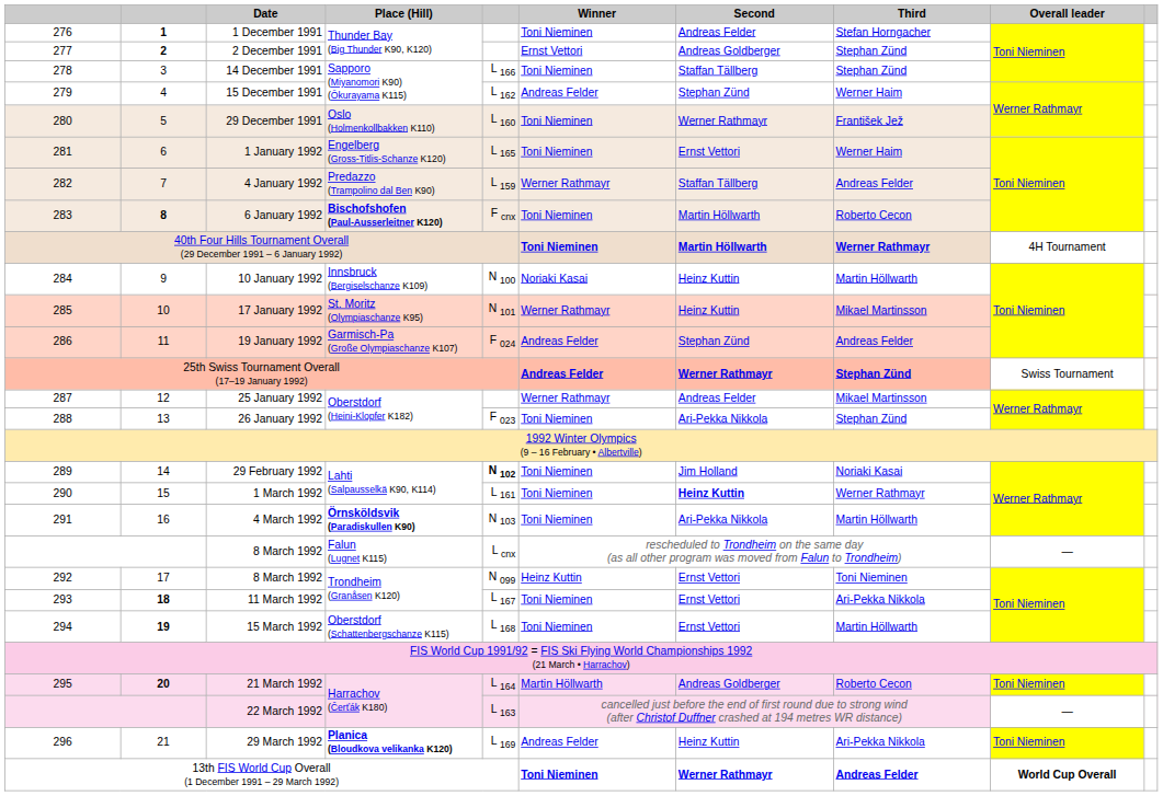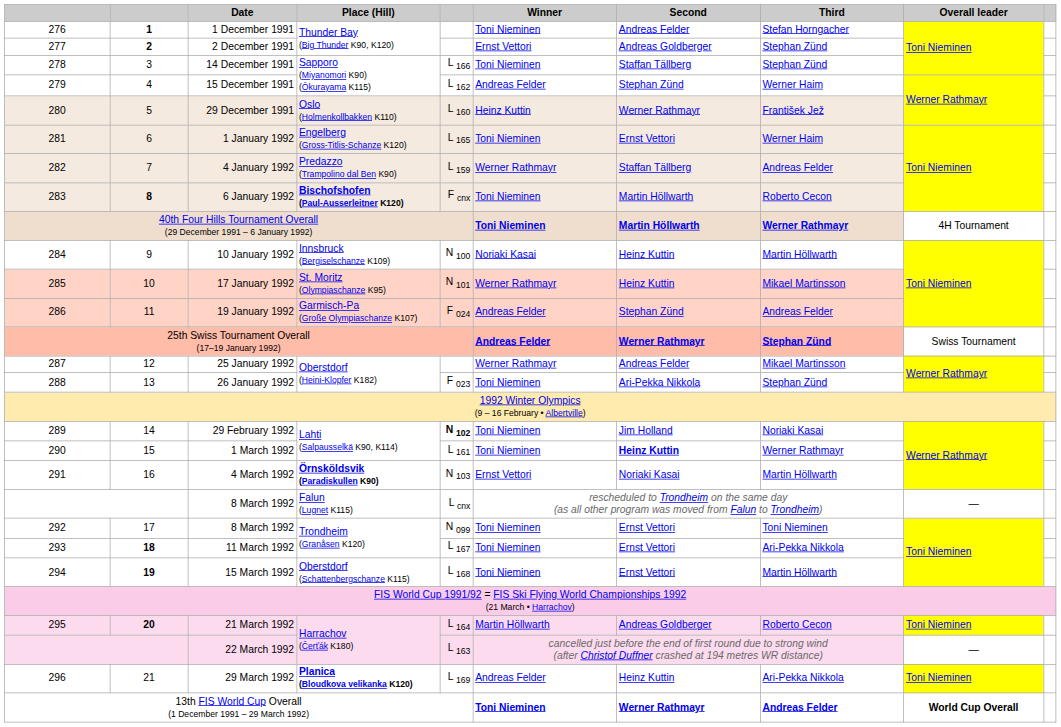 <table class="wikitable plainrowheaders" style="background:#fff; font-size:86%; width:111%; line-height:16px;border:grey solid 1px; border-collapse:collapse;">
 <tr>
 <th scope="col" style="background:#ccc; width=30 px;"></th>
 <th scope="col" style="background:#ccc; width=30 px;"></th>
 <th scope="col" style="background:#ccc; width:138px;">Date</th>
 <th scope="col" style="background:#ccc; width:185px;">Place (Hill)</th>
 <th scope="col" style="background:#ccc; width:37px;"></th>
 <th scope="col" style="background:#ccc; width:185px;">Winner</th>
 <th scope="col" style="background:#ccc; width:185px;">Second</th>
 <th scope="col" style="background:#ccc; width:185px;">Third</th>
 <th scope="col" style="background:#ccc; width:180px;">Overall leader</th>
 <th scope="col" style="background:#ccc; width:10px;"></th>
 </tr>
 <tr>
 <td align=center>276</td>
 <td align=center><strong>1</strong></td>
 <td align=right>1 December 1991</td>
 <td rowspan=2> <a href='#'>Thunder Bay</a><br><small>(<a href='#'>Big Thunder</a> K90, K120)</small></td>
 <td align=right></td>
 <td> <a href='#'>Toni Nieminen</a></td>
 <td> <a href='#'>Andreas Felder</a></td>
 <td> <a href='#'>Stefan Horngacher</a></td>
 <td bgcolor=yellow rowspan=3> <a href='#'>Toni Nieminen</a></td>
 <td></td>
 </tr>
 <tr>
 <td align=center>277</td>
 <td align=center><strong>2</strong></td>
 <td align=right>2 December 1991</td>
 <td align=right></td>
 <td> <a href='#'>Ernst Vettori</a></td>
 <td> <a href='#'>Andreas Goldberger</a></td>
 <td> <a href='#'>Stephan Zünd</a></td>
 <td></td>
 </tr>
 <tr>
 <td align=center>278</td>
 <td align=center>3</td>
 <td align=right>14 December 1991</td>
 <td rowspan=2> <a href='#'>Sapporo</a><br><small>(<a href='#'>Miyanomori</a> K90)<br>(<a href='#'>Ōkurayama</a> K115)</small></td>
 <td align=right>L <sub>166</sub></td>
 <td> <a href='#'>Toni Nieminen</a></td>
 <td> <a href='#'>Staffan Tällberg</a></td>
 <td> <a href='#'>Stephan Zünd</a></td>
 <td></td>
 </tr>
 <tr>
 <td align=center>279</td>
 <td align=center>4</td>
 <td align=right>15 December 1991</td>
 <td align=right>L <sub>162</sub></td>
 <td> <a href='#'>Andreas Felder</a></td>
 <td> <a href='#'>Stephan Zünd</a></td>
 <td> <a href='#'>Werner Haim</a></td>
 <td rowspan=2 bgcolor=yellow> <a href='#'>Werner Rathmayr</a></td>
 <td></td>
 </tr>
 <tr bgcolor=#F5EADF>
 <td align=center>280</td>
 <td align=center>5</td>
 <td align=right>29 December 1991</td>
 <td> <a href='#'>Oslo</a><br><small>(<a href='#'>Holmenkollbakken</a> K110)</small></td>
 <td align=right>L <sub>160</sub></td>
-<td> <a href='#'>Toni Nieminen</a></td>
+<td> <a href='#'>Heinz Kuttin</a></td>
 <td> <a href='#'>Werner Rathmayr</a></td>
 <td> <a href='#'>František Jež</a></td>
 <td bgcolor=white></td>
 </tr>
 <tr bgcolor=#F5EADF>
 <td align=center>281</td>
 <td align=center>6</td>
 <td align=right>1 January 1992</td>
 <td> <a href='#'>Engelberg</a><br><small>(<a href='#'>Gross-Titlis-Schanze</a> K120)</small></td>
 <td align=right>L <sub>165</sub></td>
 <td> <a href='#'>Toni Nieminen</a></td>
 <td> <a href='#'>Ernst Vettori</a></td>
 <td> <a href='#'>Werner Haim</a></td>
 <td bgcolor=yellow rowspan=3> <a href='#'>Toni Nieminen</a></td>
 <td bgcolor=white></td>
 </tr>
 <tr bgcolor=#F5EADF>
 <td align=center>282</td>
 <td align=center>7</td>
 <td align=right>4 January 1992</td>
 <td> <a href='#'>Predazzo</a><br><small>(<a href='#'>Trampolino dal Ben</a> K90)</small></td>
 <td align=right>L <sub>159</sub></td>
 <td> <a href='#'>Werner Rathmayr</a></td>
 <td> <a href='#'>Staffan Tällberg</a></td>
 <td> <a href='#'>Andreas Felder</a></td>
 <td bgcolor=white></td>
 </tr>
 <tr bgcolor=#F5EADF>
 <td align=center>283</td>
 <td align=center><strong>8</strong></td>
 <td align=right>6 January 1992</td>
 <td><strong> <a href='#'>Bischofshofen</a><br><small>(<a href='#'>Paul-Ausserleitner</a> K120)</small></strong></td>
 <td align=right>F <sub>cnx</sub></td>
 <td> <a href='#'>Toni Nieminen</a></td>
 <td> <a href='#'>Martin Höllwarth</a></td>
 <td> <a href='#'>Roberto Cecon</a></td>
 <td bgcolor=white></td>
 </tr>
 <tr bgcolor=#EFDECD>
 <td colspan=5 align=center><a href='#'>40th Four Hills Tournament Overall</a><br><small>(29 December 1991 – 6 January 1992)</small></td>
 <td> <strong><a href='#'>Toni Nieminen</a></strong></td>
 <td> <strong><a href='#'>Martin Höllwarth</a></strong></td>
 <td> <strong><a href='#'>Werner Rathmayr</a></strong></td>
 <td bgcolor=white align=center>4H Tournament</td>
 <td bgcolor=white></td>
 </tr>
 <tr>
 <td align=center>284</td>
 <td align=center>9</td>
 <td align=right>10 January 1992</td>
 <td> <a href='#'>Innsbruck</a><br><small>(<a href='#'>Bergiselschanze</a> K109)</small></td>
 <td align=right>N <sub>100</sub></td>
 <td> <a href='#'>Noriaki Kasai</a></td>
 <td> <a href='#'>Heinz Kuttin</a></td>
 <td> <a href='#'>Martin Höllwarth</a></td>
 <td rowspan=3 bgcolor=yellow> <a href='#'>Toni Nieminen</a></td>
 <td></td>
 </tr>
 <tr bgcolor=#FFD4C7>
 <td align=center>285</td>
 <td align=center>10</td>
 <td align=right>17 January 1992</td>
 <td> <a href='#'>St. Moritz</a><br><small>(<a href='#'>Olympiaschanze</a> K95)</small></td>
 <td align=right>N <sub>101</sub></td>
 <td> <a href='#'>Werner Rathmayr</a></td>
 <td> <a href='#'>Heinz Kuttin</a></td>
 <td> <a href='#'>Mikael Martinsson</a></td>
 <td bgcolor=white></td>
 </tr>
 <tr bgcolor=#FFD4C7>
 <td align=center>286</td>
 <td align=center>11</td>
 <td align=right>19 January 1992</td>
 <td> <a href='#'>Garmisch-Pa</a><br><small>(<a href='#'>Große Olympiaschanze</a> K107)</small></td>
 <td align=right>F <sub>024</sub></td>
 <td> <a href='#'>Andreas Felder</a></td>
 <td> <a href='#'>Stephan Zünd</a></td>
 <td> <a href='#'>Andreas Felder</a></td>
 <td bgcolor=white></td>
 </tr>
 <tr bgcolor=#FFBCA8>
 <td colspan=5 align=center>25th Swiss Tournament Overall<br><small>(17–19 January 1992)</small></td>
 <td> <strong><a href='#'>Andreas Felder</a></strong></td>
 <td> <strong><a href='#'>Werner Rathmayr</a></strong></td>
 <td> <strong><a href='#'>Stephan Zünd</a></strong></td>
 <td bgcolor=white align=center>Swiss Tournament</td>
 <td bgcolor=white></td>
 </tr>
 <tr>
 <td align=center>287</td>
 <td align=center>12</td>
 <td align=right>25 January 1992</td>
 <td rowspan=2> <a href='#'>Oberstdorf</a><br><small>(<a href='#'>Heini-Klopfer</a> K182)</small></td>
 <td align=right></td>
 <td> <a href='#'>Werner Rathmayr</a></td>
 <td> <a href='#'>Andreas Felder</a></td>
 <td> <a href='#'>Mikael Martinsson</a></td>
 <td bgcolor=yellow rowspan=2> <a href='#'>Werner Rathmayr</a></td>
 <td></td>
 </tr>
 <tr>
 <td align=center>288</td>
 <td align=center>13</td>
 <td align=right>26 January 1992</td>
 <td align=right>F <sub>023</sub></td>
 <td> <a href='#'>Toni Nieminen</a></td>
 <td> <a href='#'>Ari-Pekka Nikkola</a></td>
 <td> <a href='#'>Stephan Zünd</a></td>
 <td></td>
 </tr>
 <tr style="background:#FFEBAD">
 <td colspan=10 align="center"> <a href='#'>1992 Winter Olympics</a> <br><small>(9 – 16 February •  <a href='#'>Albertville</a>)</small></td>
 </tr>
 <tr>
 <td align=center>289</td>
 <td align=center>14</td>
 <td align=right>29 February 1992</td>
 <td rowspan=2> <a href='#'>Lahti</a><br><small>(<a href='#'>Salpausselkä</a> K90, K114)</small></td>
 <td align=right><strong>N <sub>102</sub></strong></td>
 <td> <a href='#'>Toni Nieminen</a></td>
 <td> <a href='#'>Jim Holland</a></td>
 <td> <a href='#'>Noriaki Kasai</a></td>
 <td bgcolor=yellow rowspan=3> <a href='#'>Werner Rathmayr</a></td>
 <td></td>
 </tr>
 <tr>
 <td align=center>290</td>
 <td align=center>15</td>
 <td align=right>1 March 1992</td>
 <td align=right>L <sub>161</sub></td>
 <td> <a href='#'>Toni Nieminen</a></td>
 <td><strong> <a href='#'>Heinz Kuttin</a></strong></td>
 <td> <a href='#'>Werner Rathmayr</a></td>
 <td></td>
 </tr>
 <tr>
 <td align=center>291</td>
 <td align=center>16</td>
 <td align=right>4 March 1992</td>
 <td><strong> <a href='#'>Örnsköldsvik</a><br><small>(<a href='#'>Paradiskullen</a> K90)</small></strong></td>
 <td align=right>N <sub>103</sub></td>
-<td> <a href='#'>Toni Nieminen</a></td>
-<td> <a href='#'>Ari-Pekka Nikkola</a></td>
+<td> <a href='#'>Ernst Vettori</a></td>
+<td> <a href='#'>Noriaki Kasai</a></td>
 <td> <a href='#'>Martin Höllwarth</a></td>
 <td></td>
 </tr>
 <tr>
 <td colspan=2></td>
 <td align=right>8 March 1992</td>
 <td> <a href='#'>Falun</a><br><small>(<a href='#'>Lugnet</a> K115)</small></td>
 <td align=right>L <sub>cnx</sub></td>
 <td colspan=3 align=center style=color:#696969><em>rescheduled to <a href='#'>Trondheim</a> on the same day</em><br><em>(as all other program was moved from <a href='#'>Falun</a> to <a href='#'>Trondheim</a>)</em></td>
 <td bgcolor=white align=center>—</td>
 <td bgcolor=white></td>
 </tr>
 <tr>
 <td align=center>292</td>
 <td align=center>17</td>
 <td align=right>8 March 1992</td>
 <td rowspan=2> <a href='#'>Trondheim</a><br><small>(<a href='#'>Granåsen</a> K120)</small></td>
 <td align=right>N <sub>099</sub></td>
-<td> <a href='#'>Heinz Kuttin</a></td>
+<td> <a href='#'>Toni Nieminen</a></td>
 <td> <a href='#'>Ernst Vettori</a></td>
 <td> <a href='#'>Toni Nieminen</a></td>
 <td bgcolor=yellow rowspan=3> <a href='#'>Toni Nieminen</a></td>
 <td></td>
 </tr>
 <tr>
 <td align=center>293</td>
 <td align=center><strong>18</strong></td>
 <td align=right>11 March 1992</td>
 <td align=right>L <sub>167</sub></td>
 <td> <a href='#'>Toni Nieminen</a></td>
 <td> <a href='#'>Ernst Vettori</a></td>
 <td> <a href='#'>Ari-Pekka Nikkola</a></td>
 <td></td>
 </tr>
 <tr>
 <td align=center>294</td>
 <td align=center><strong>19</strong></td>
 <td align=right>15 March 1992</td>
 <td> <a href='#'>Oberstdorf</a><br><small>(<a href='#'>Schattenbergschanze</a> K115)</small></td>
 <td align=right>L <sub>168</sub></td>
 <td> <a href='#'>Toni Nieminen</a></td>
 <td> <a href='#'>Ernst Vettori</a></td>
 <td> <a href='#'>Martin Höllwarth</a></td>
 <td></td>
 </tr>
 <tr bgcolor=#FBCCE7>
 <td colspan=10 align=center><a href='#'>FIS World Cup 1991/92</a> = <a href='#'>FIS Ski Flying World Championships 1992</a> <br><small>(21 March • <a href='#'>Harrachov</a>)</small></td>
 </tr>
 <tr bgcolor=#fcdbee>
 <td align=center>295</td>
 <td align=center><strong>20</strong></td>
 <td align=right>21 March 1992</td>
 <td rowspan=2> <a href='#'>Harrachov</a><br><small>(<a href='#'>Čerťák</a> K180)</small></td>
 <td align=right>L <sub>164</sub></td>
 <td> <a href='#'>Martin Höllwarth</a></td>
 <td> <a href='#'>Andreas Goldberger</a></td>
 <td> <a href='#'>Roberto Cecon</a></td>
 <td bgcolor=yellow> <a href='#'>Toni Nieminen</a></td>
 <td bgcolor=white></td>
 </tr>
 <tr bgcolor=#fcdbee>
 <td colspan=2></td>
 <td align=right>22 March 1992</td>
 <td align=right>L <sub>163</sub></td>
 <td colspan=3 align=center style=color:#696969><em>cancelled just before the end of first round due to strong wind</em><br><em>(after <a href='#'>Christof Duffner</a> crashed at 194 metres WR distance)</em></td>
 <td bgcolor=white align=center>—</td>
 <td bgcolor=white></td>
 </tr>
 <tr>
 <td align=center>296</td>
 <td align=center>21</td>
 <td align=right>29 March 1992</td>
 <td><strong> <a href='#'>Planica</a><br><small>(<a href='#'>Bloudkova velikanka</a> K120)</small></strong></td>
 <td align=right>L <sub>169</sub></td>
 <td> <a href='#'>Andreas Felder</a></td>
 <td> <a href='#'>Heinz Kuttin</a></td>
 <td> <a href='#'>Ari-Pekka Nikkola</a></td>
 <td bgcolor=yellow> <a href='#'>Toni Nieminen</a></td>
 <td></td>
 </tr>
 <tr>
 <td colspan="5" align="center">13th <a href='#'>FIS World Cup</a> Overall<br><small>(1 December 1991 – 29 March 1992)</small></td>
 <td> <strong><a href='#'>Toni Nieminen</a></strong></td>
 <td> <strong><a href='#'>Werner Rathmayr</a></strong></td>
 <td> <strong><a href='#'>Andreas Felder</a></strong></td>
 <td align=center><strong>World Cup Overall</strong></td>
 <td></td>
 </tr>
 </table>
